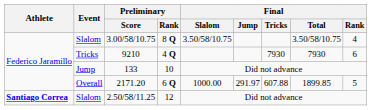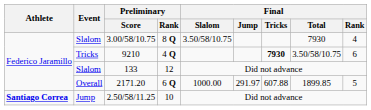 <table class=wikitable style=font-size:90%;text-align:center>
 <tr>
 <th rowspan=2>Athlete</th>
 <th rowspan=2>Event</th>
 <th colspan=2>Preliminary</th>
 <th colspan=5>Final</th>
 </tr>
 <tr style=font-size:95%>
 <th>Score</th>
 <th>Rank</th>
 <th>Slalom</th>
 <th>Jump</th>
 <th>Tricks</th>
 <th>Total</th>
 <th>Rank</th>
 </tr>
 <tr style="text-align:center">
 <td style="text-align:left" rowspan=4><a href='#'>Federico Jaramillo</a></td>
 <td style="text-align:left"><a href='#'>Slalom</a></td>
 <td>3.00/58/10.75</td>
 <td>8 <strong>Q</strong></td>
 <td>3.50/58/10.75</td>
 <td></td>
 <td></td>
-<td>3.50/58/10.75</td>
+<td>7930</td>
 <td>4</td>
 </tr>
 <tr style="text-align:center">
 <td style="text-align:left"><a href='#'>Tricks</a></td>
 <td>9210</td>
 <td>4 <strong>Q</strong></td>
 <td></td>
 <td></td>
-<td>7930</td>
-<td>7930</td>
+<td><strong>7930</strong></td>
+<td>3.50/58/10.75</td>
 <td>6</td>
 </tr>
 <tr style="text-align:center">
-<td style="text-align:left"><a href='#'>Jump</a></td>
+<td style="text-align:left"><a href='#'>Slalom</a></td>
 <td>133</td>
-<td>10</td>
+<td>12</td>
 <td colspan=5>Did not advance</td>
 </tr>
 <tr style="text-align:center">
 <td style="text-align:left"><a href='#'>Overall</a></td>
 <td>2171.20</td>
 <td>6 <strong>Q</strong></td>
 <td>1000.00</td>
 <td>291.97</td>
 <td>607.88</td>
 <td>1899.85</td>
 <td>5</td>
 </tr>
 <tr style="text-align:center">
 <td style="text-align:left"><strong><a href='#'>Santiago Correa</a></strong></td>
-<td style="text-align:left"><a href='#'>Slalom</a></td>
+<td style="text-align:left"><a href='#'>Jump</a></td>
 <td>2.50/58/11.25</td>
-<td>12</td>
+<td>10</td>
 <td colspan=5>Did not advance</td>
 </tr>
 </table>
